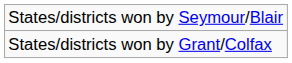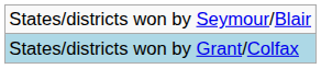 <table class="wikitable">
 <tr>
 <td>States/districts won by <a href='#'>Seymour</a>/<a href='#'>Blair</a></td>
 </tr>
 <tr>
-<td>States/districts won by <a href='#'>Grant</a>/<a href='#'>Colfax</a></td>
+<td style="background: lightblue;">States/districts won by <a href='#'>Grant</a>/<a href='#'>Colfax</a></td>
 </tr>
 </table>
